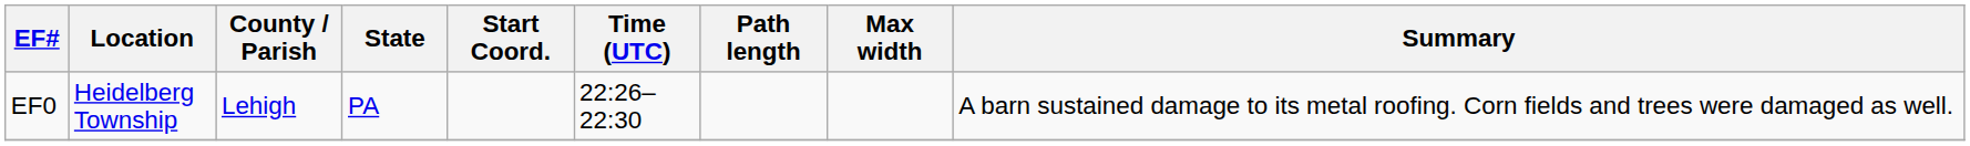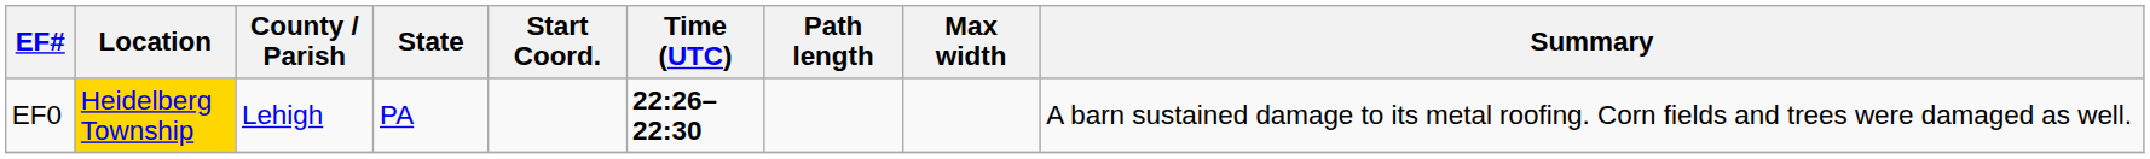 <table class="wikitable sortable" style="width:100%;">
 <tr>
 <th scope="col"  style="width:3%; text-align:center;"><a href='#'>EF#</a></th>
 <th scope="col"  style="width:7%; text-align:center;" class="unsortable">Location</th>
 <th scope="col"  style="width:6%; text-align:center;" class="unsortable">County / Parish</th>
 <th scope="col"  style="width:5%; text-align:center;">State</th>
 <th scope="col"  style="width:6%; text-align:center;">Start Coord.</th>
 <th scope="col"  style="width:6%; text-align:center;">Time (<a href='#'>UTC</a>)</th>
 <th scope="col"  style="width:6%; text-align:center;">Path length</th>
 <th scope="col"  style="width:6%; text-align:center;">Max width</th>
 <th scope="col" class="unsortable" style="width:48%; text-align:center;">Summary</th>
 </tr>
 <tr>
 <td bgcolor=>EF0</td>
-<td><a href='#'>Heidelberg Township</a></td>
+<td style="background: gold;"><a href='#'>Heidelberg Township</a></td>
 <td><a href='#'>Lehigh</a></td>
 <td><a href='#'>PA</a></td>
 <td></td>
-<td>22:26–22:30</td>
+<td><strong>22:26–22:30</strong></td>
 <td></td>
 <td></td>
 <td>A barn sustained damage to its metal roofing. Corn fields and trees were damaged as well.</td>
 </tr>
 <tr>
 </tr>
 </table>
